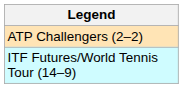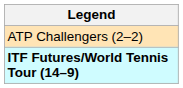 <table class="wikitable">
 <tr>
 <th width=200>Legend</th>
 </tr>
 <tr style="background:moccasin;">
 <td width=200>ATP Challengers (2–2)</td>
 </tr>
 <tr style="background:#cffcff;">
-<td width=200>ITF Futures/World Tennis Tour (14–9)</td>
+<td width=200><strong>ITF Futures/World Tennis Tour (14–9)</strong></td>
 </tr>
 </table>
